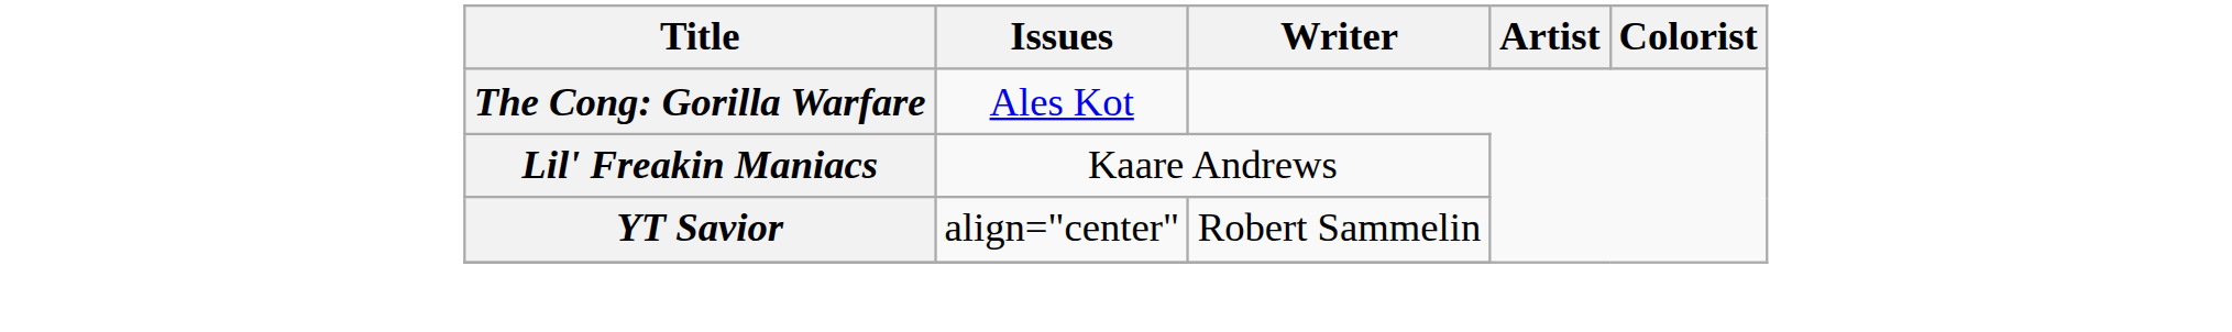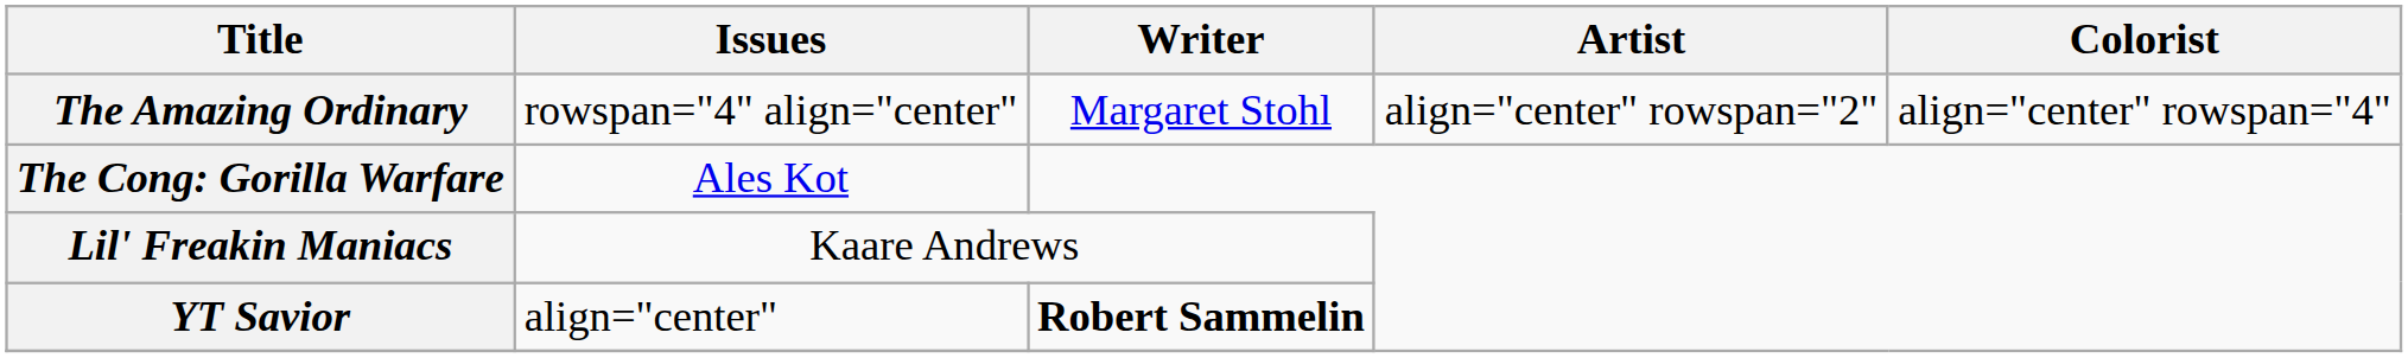 <table class="wikitable sortable collapsible plainrowheaders" style="margin:1em auto 1em auto;">
 <tr>
 <th scope="col">Title</th>
 <th scope="col">Issues</th>
 <th scope="col">Writer</th>
 <th scope="col">Artist</th>
 <th scope="col">Colorist</th>
+</tr>
+<tr>
+<th scope="row"><em>The Amazing Ordinary</em></th>
+<td>rowspan="4" align="center" </td>
+<td align="center"><a href='#'>Margaret Stohl</a></td>
+<td>align="center" rowspan="2" </td>
+<td>align="center" rowspan="4" </td>
 </tr>
 <tr>
 <th scope="row"><em>The Cong: Gorilla Warfare</em></th>
 <td align="center"><a href='#'>Ales Kot</a></td>
 </tr>
 <tr>
 <th scope="row"><em>Lil' Freakin Maniacs</em></th>
 <td align="center" colspan="2">Kaare Andrews</td>
 </tr>
 <tr>
 <th scope="row"><em>YT Savior</em></th>
 <td>align="center" </td>
-<td align="center">Robert Sammelin</td>
+<td align="center"><strong>Robert Sammelin</strong></td>
 </tr>
 <tr>
 </tr>
 </table>
